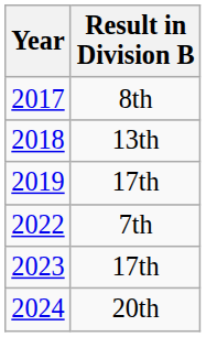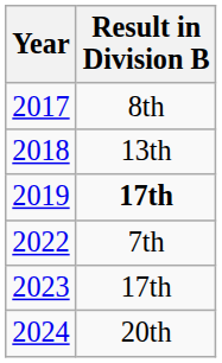 <table class="wikitable" style="text-align:center">
 <tr>
 <th>Year</th>
 <th>Result in<br>Division B</th>
 </tr>
 <tr>
 <td><a href='#'>2017</a></td>
 <td>8th</td>
 </tr>
 <tr>
 <td><a href='#'>2018</a></td>
 <td>13th</td>
 </tr>
 <tr>
 <td><a href='#'>2019</a></td>
-<td>17th</td>
+<td><strong>17th</strong></td>
 </tr>
 <tr>
 <td><a href='#'>2022</a></td>
 <td>7th</td>
 </tr>
 <tr>
 <td><a href='#'>2023</a></td>
 <td>17th</td>
 </tr>
 <tr>
 <td><a href='#'>2024</a></td>
 <td>20th</td>
 </tr>
 </table>
